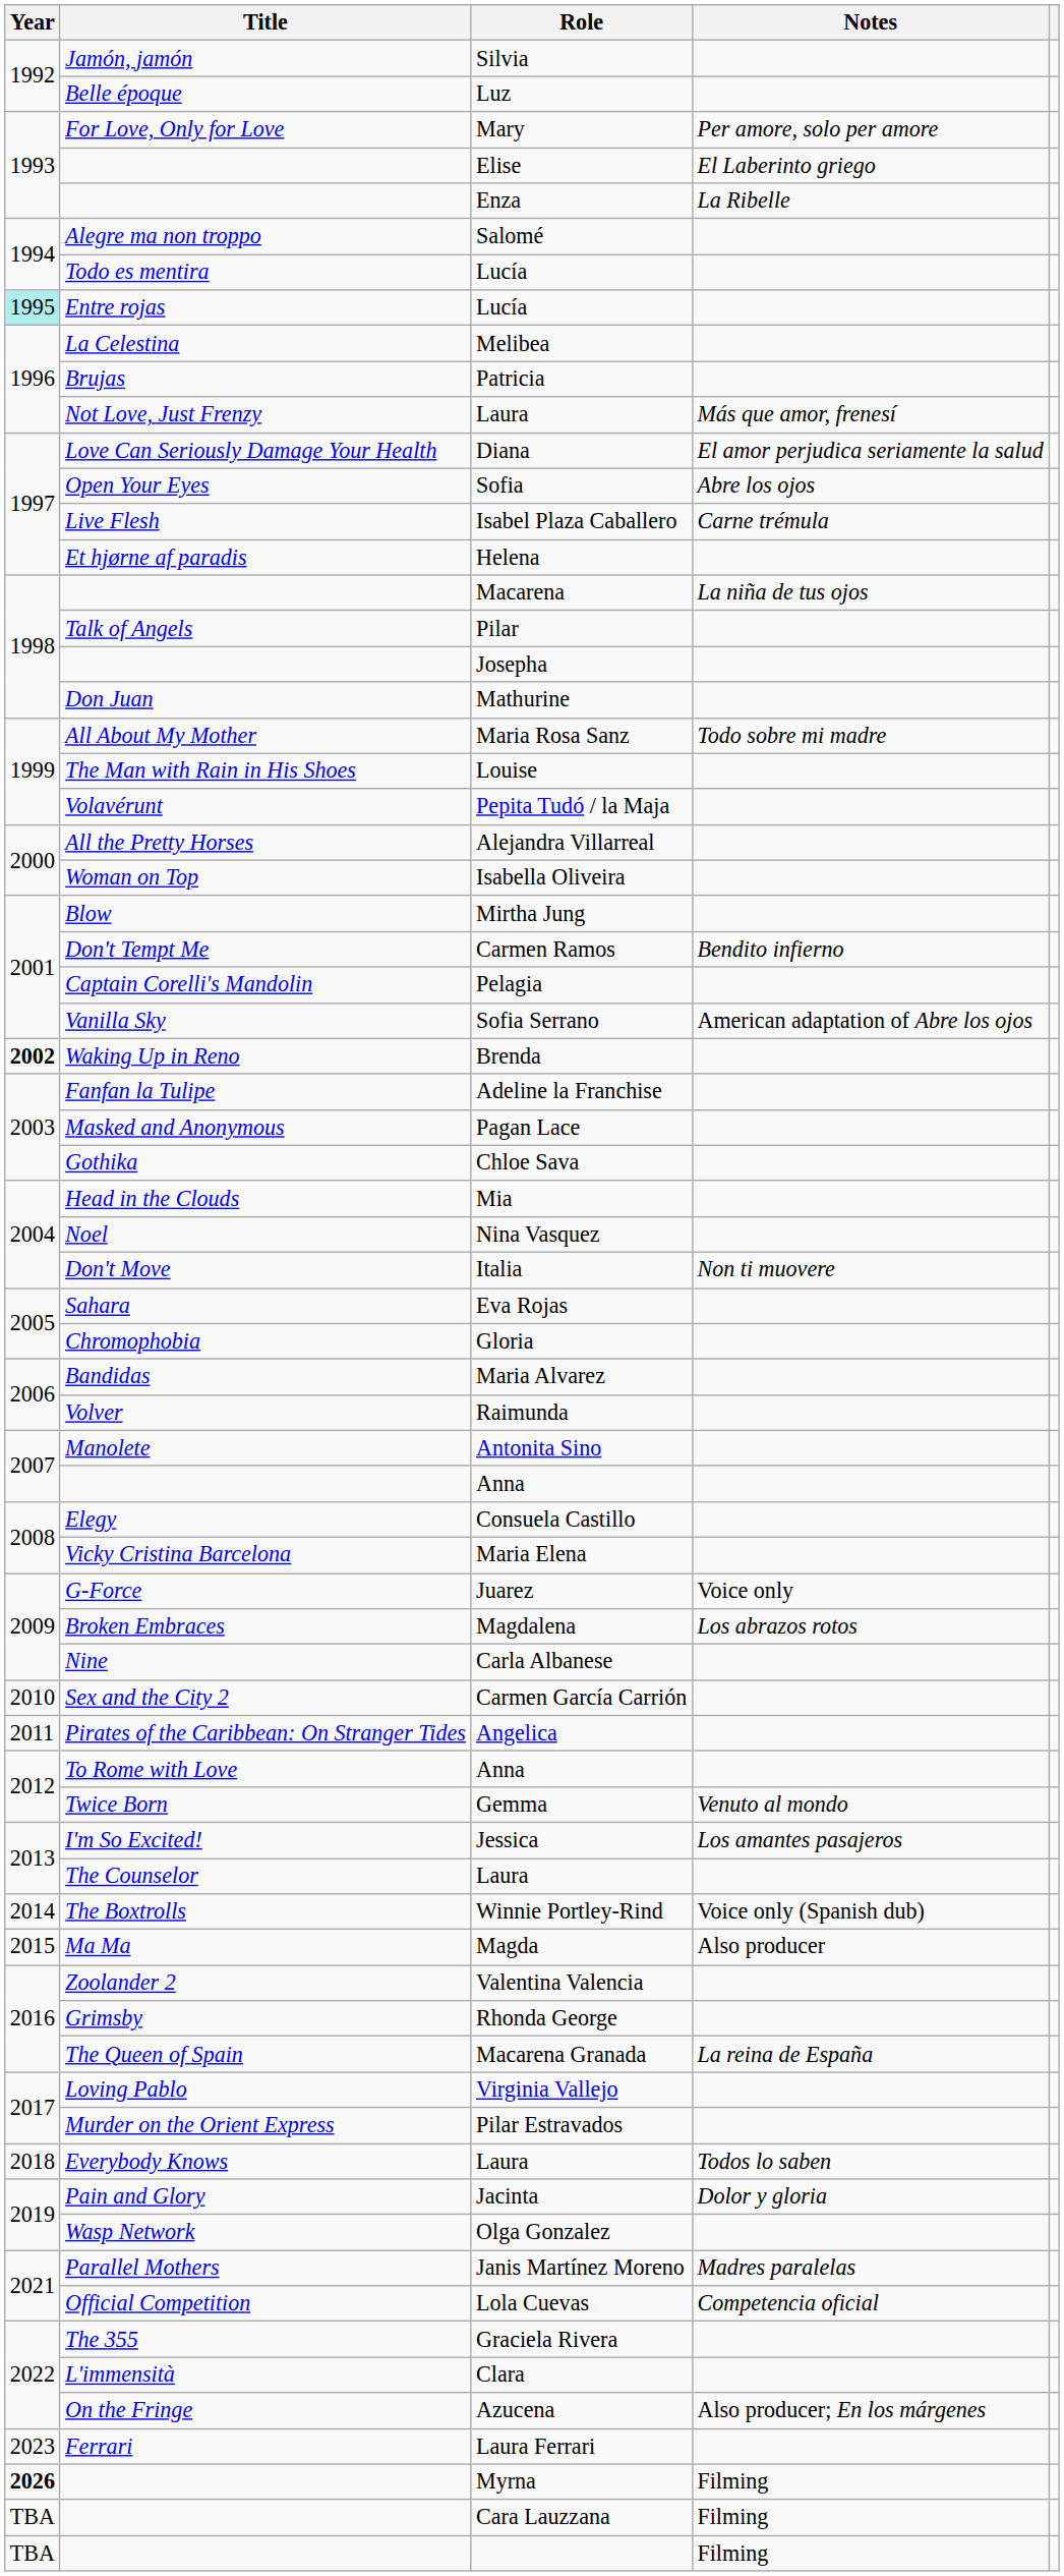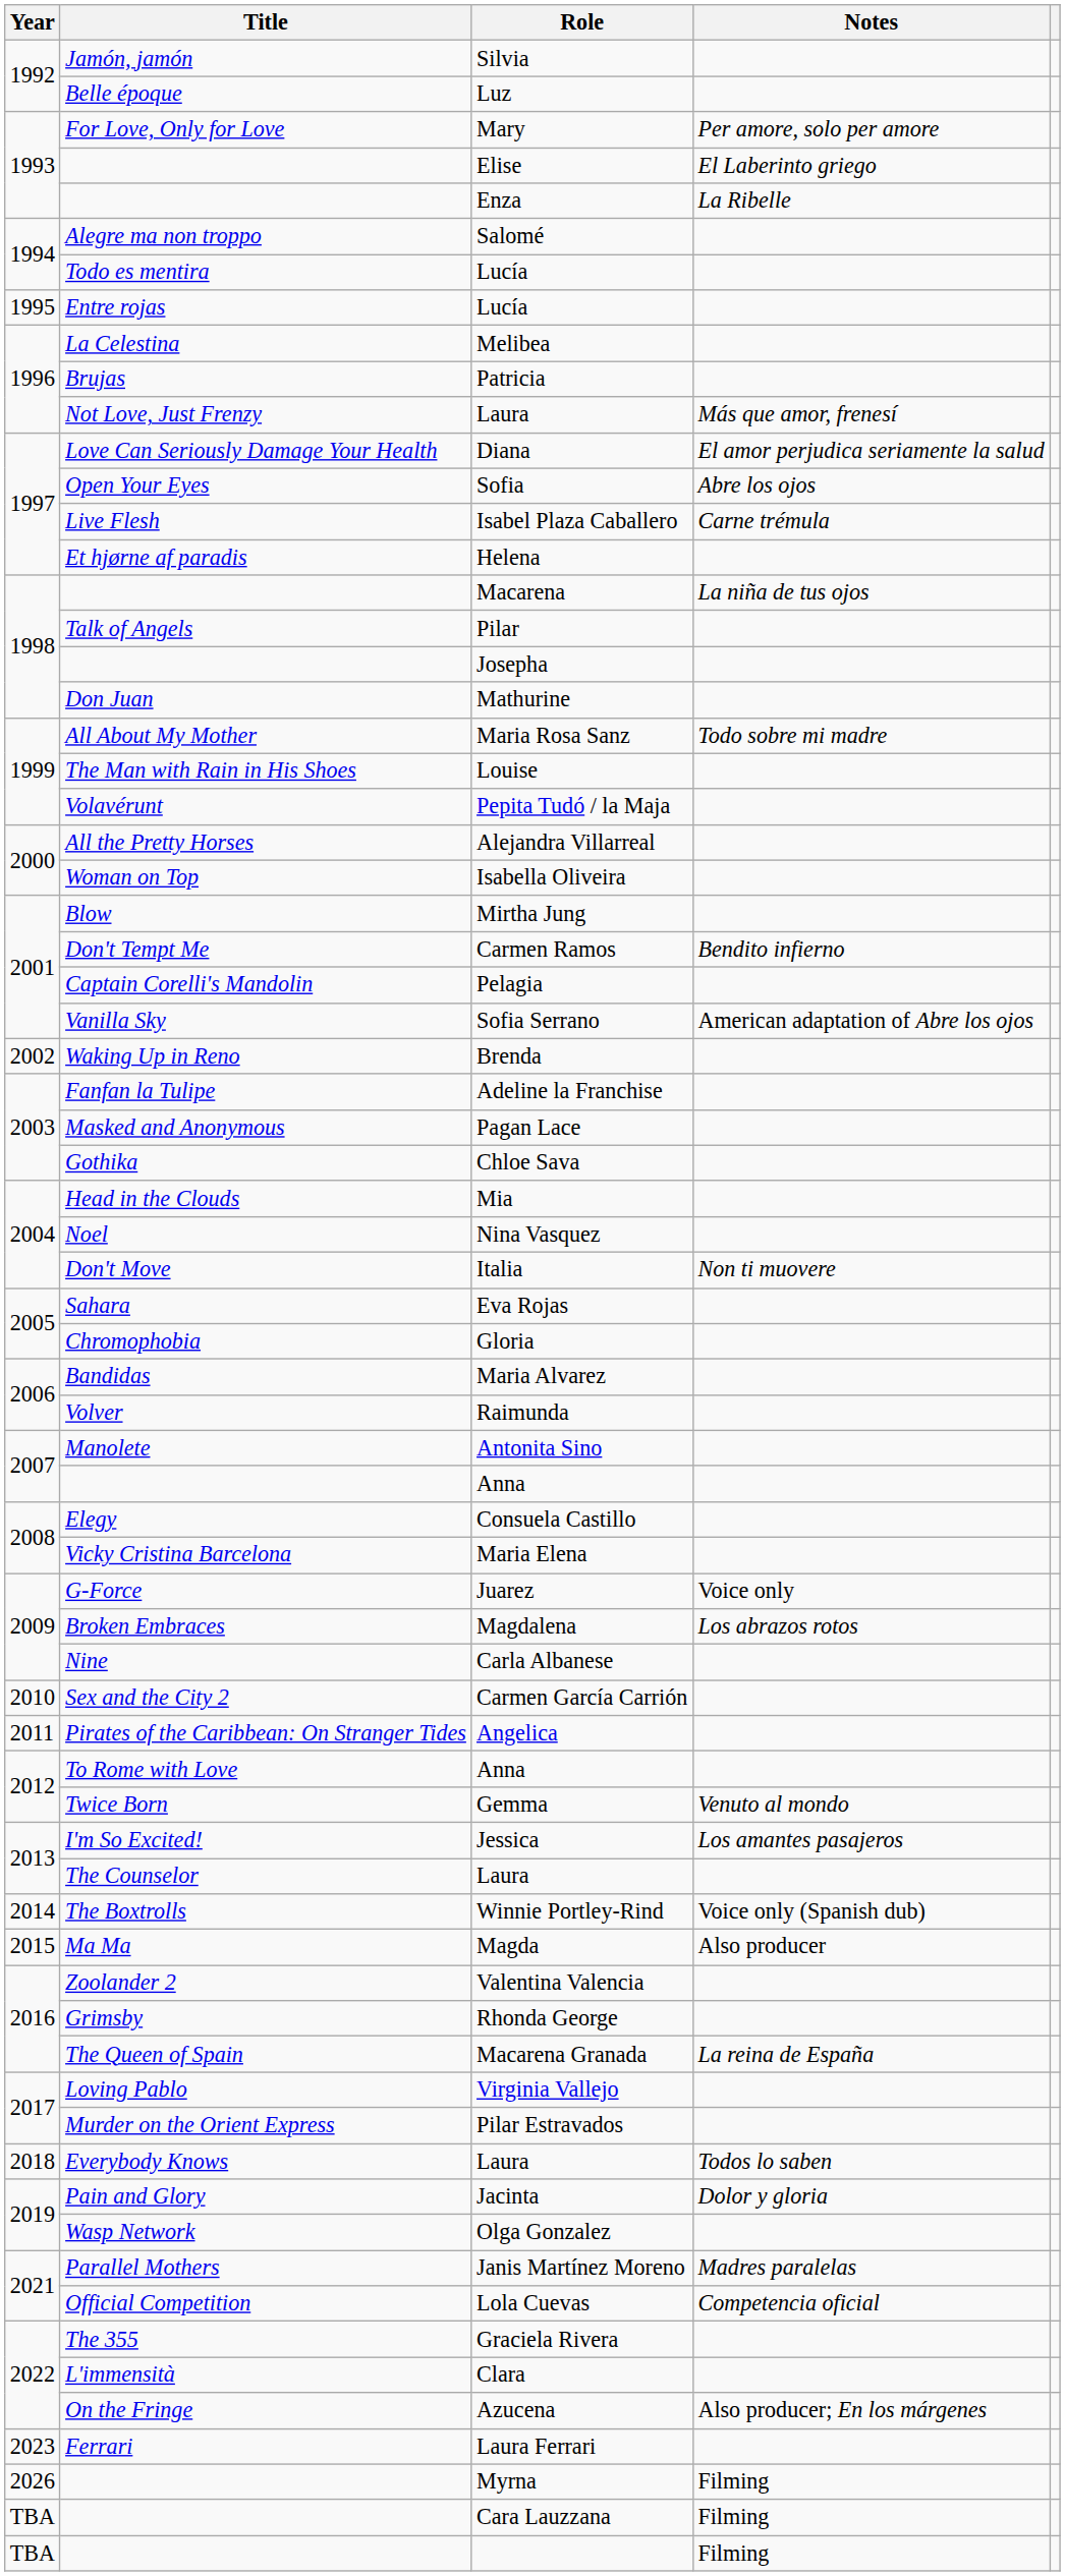 <table class="wikitable sortable">
 <tr>
 <th>Year</th>
 <th>Title</th>
 <th>Role</th>
 <th class="unsortable">Notes</th>
 <th class="unsortable"></th>
 </tr>
 <tr>
 <td rowspan=2>1992</td>
 <td><em><a href='#'>Jamón, jamón</a></em></td>
 <td>Silvia</td>
 <td></td>
 <td align = "center"></td>
 </tr>
 <tr>
 <td><em><a href='#'>Belle époque</a></em></td>
 <td>Luz</td>
 <td></td>
 <td align = "center"></td>
 </tr>
 <tr>
 <td rowspan=3>1993</td>
 <td><em><a href='#'>For Love, Only for Love</a></em></td>
 <td>Mary</td>
 <td><em>Per amore, solo per amore</em></td>
 <td align = "center"></td>
 </tr>
 <tr>
 <td><em></em></td>
 <td>Elise</td>
 <td><em>El Laberinto griego</em></td>
 <td align = "center"></td>
 </tr>
 <tr>
 <td><em></em></td>
 <td>Enza</td>
 <td><em>La Ribelle</em></td>
 <td align = "center"></td>
 </tr>
 <tr>
 <td rowspan=2>1994</td>
 <td><em><a href='#'>Alegre ma non troppo</a></em></td>
 <td>Salomé</td>
 <td></td>
 <td align = "center"></td>
 </tr>
 <tr>
 <td><em><a href='#'>Todo es mentira</a></em></td>
 <td>Lucía</td>
 <td></td>
 <td align = "center"></td>
 </tr>
 <tr>
-<td rowspan="1" style="background: paleturquoise;">1995</td>
+<td rowspan="1">1995</td>
 <td><em><a href='#'>Entre rojas</a></em></td>
 <td>Lucía</td>
 <td></td>
 <td align = "center"></td>
 </tr>
 <tr>
 <td rowspan=3>1996</td>
 <td><em><a href='#'>La Celestina</a></em></td>
 <td>Melibea</td>
 <td></td>
 <td align = "center"></td>
 </tr>
 <tr>
 <td><em><a href='#'>Brujas</a></em></td>
 <td>Patricia</td>
 <td></td>
 <td align = "center"></td>
 </tr>
 <tr>
 <td><em><a href='#'>Not Love, Just Frenzy</a></em></td>
 <td>Laura</td>
 <td><em>Más que amor, frenesí</em></td>
 <td align = "center"></td>
 </tr>
 <tr>
 <td rowspan=4>1997</td>
 <td><em><a href='#'>Love Can Seriously Damage Your Health</a></em></td>
 <td>Diana</td>
 <td><em>El amor perjudica seriamente la salud</em></td>
 <td align = "center"></td>
 </tr>
 <tr>
 <td><em><a href='#'>Open Your Eyes</a></em></td>
 <td>Sofia</td>
 <td><em>Abre los ojos</em></td>
 <td align = "center"></td>
 </tr>
 <tr>
 <td><em><a href='#'>Live Flesh</a></em></td>
 <td>Isabel Plaza Caballero</td>
 <td><em>Carne trémula</em></td>
 <td align = "center"></td>
 </tr>
 <tr>
 <td><em><a href='#'>Et hjørne af paradis</a></em></td>
 <td>Helena</td>
 <td></td>
 <td align = "center"></td>
 </tr>
 <tr>
 <td rowspan=4>1998</td>
 <td><em></em></td>
 <td>Macarena</td>
 <td><em>La niña de tus ojos</em></td>
 <td align = "center"></td>
 </tr>
 <tr>
 <td><em><a href='#'>Talk of Angels</a></em></td>
 <td>Pilar</td>
 <td></td>
 <td align = "center"></td>
 </tr>
 <tr>
 <td><em></em></td>
 <td>Josepha</td>
 <td></td>
 <td align = "center"></td>
 </tr>
 <tr>
 <td><em><a href='#'>Don Juan</a></em></td>
 <td>Mathurine</td>
 <td></td>
 <td align = "center"></td>
 </tr>
 <tr>
 <td rowspan=3>1999</td>
 <td><em><a href='#'>All About My Mother</a></em></td>
 <td>Maria Rosa Sanz</td>
 <td><em>Todo sobre mi madre</em></td>
 <td align = "center"></td>
 </tr>
 <tr>
 <td><em><a href='#'>The Man with Rain in His Shoes</a></em></td>
 <td>Louise</td>
 <td></td>
 <td align = "center"></td>
 </tr>
 <tr>
 <td><em><a href='#'>Volavérunt</a></em></td>
 <td><a href='#'>Pepita Tudó</a> / la Maja</td>
 <td></td>
 <td align = "center"></td>
 </tr>
 <tr>
 <td rowspan=2>2000</td>
 <td><em><a href='#'>All the Pretty Horses</a></em></td>
 <td>Alejandra Villarreal</td>
 <td></td>
 <td align = "center"></td>
 </tr>
 <tr>
 <td><em><a href='#'>Woman on Top</a></em></td>
 <td>Isabella Oliveira</td>
 <td></td>
 <td align = "center"></td>
 </tr>
 <tr>
 <td rowspan=4>2001</td>
 <td><em><a href='#'>Blow</a></em></td>
 <td>Mirtha Jung</td>
 <td></td>
 <td align = "center"></td>
 </tr>
 <tr>
 <td><em><a href='#'>Don't Tempt Me</a></em></td>
 <td>Carmen Ramos</td>
 <td><em>Bendito infierno</em></td>
 <td align = "center"></td>
 </tr>
 <tr>
 <td><em><a href='#'>Captain Corelli's Mandolin</a></em></td>
 <td>Pelagia</td>
 <td></td>
 <td align = "center"></td>
 </tr>
 <tr>
 <td><em><a href='#'>Vanilla Sky</a></em></td>
 <td>Sofia Serrano</td>
 <td>American adaptation of <em>Abre los ojos</em></td>
 <td align = "center"></td>
 </tr>
 <tr>
-<td><strong>2002</strong></td>
+<td>2002</td>
 <td><em><a href='#'>Waking Up in Reno</a></em></td>
 <td>Brenda</td>
 <td></td>
 <td align = "center"></td>
 </tr>
 <tr>
 <td rowspan=3>2003</td>
 <td><em><a href='#'>Fanfan la Tulipe</a></em></td>
 <td>Adeline la Franchise</td>
 <td></td>
 <td align = "center"></td>
 </tr>
 <tr>
 <td><em><a href='#'>Masked and Anonymous</a></em></td>
 <td>Pagan Lace</td>
 <td></td>
 <td align = "center"></td>
 </tr>
 <tr>
 <td><em><a href='#'>Gothika</a></em></td>
 <td>Chloe Sava</td>
 <td></td>
 <td align = "center"></td>
 </tr>
 <tr>
 <td rowspan=3>2004</td>
 <td><em><a href='#'>Head in the Clouds</a></em></td>
 <td>Mia</td>
 <td></td>
 <td align = "center"></td>
 </tr>
 <tr>
 <td><em><a href='#'>Noel</a></em></td>
 <td>Nina Vasquez</td>
 <td></td>
 <td align = "center"></td>
 </tr>
 <tr>
 <td><em><a href='#'>Don't Move</a></em></td>
 <td>Italia</td>
 <td><em>Non ti muovere</em></td>
 <td align = "center"></td>
 </tr>
 <tr>
 <td rowspan=2>2005</td>
 <td><em><a href='#'>Sahara</a></em></td>
 <td>Eva Rojas</td>
 <td></td>
 <td align = "center"></td>
 </tr>
 <tr>
 <td><em><a href='#'>Chromophobia</a></em></td>
 <td>Gloria</td>
 <td></td>
 <td align = "center"></td>
 </tr>
 <tr>
 <td rowspan=2>2006</td>
 <td><em><a href='#'>Bandidas</a></em></td>
 <td>Maria Alvarez</td>
 <td></td>
 <td align = "center"></td>
 </tr>
 <tr>
 <td><em><a href='#'>Volver</a></em></td>
 <td>Raimunda</td>
 <td></td>
 <td align = "center"></td>
 </tr>
 <tr>
 <td rowspan=2>2007</td>
 <td><em><a href='#'>Manolete</a></em></td>
 <td><a href='#'>Antonita Sino</a></td>
 <td></td>
 <td align = "center"></td>
 </tr>
 <tr>
 <td><em></em></td>
 <td>Anna</td>
 <td></td>
 <td align = "center"></td>
 </tr>
 <tr>
 <td rowspan=2>2008</td>
 <td><em><a href='#'>Elegy</a></em></td>
 <td>Consuela Castillo</td>
 <td></td>
 <td align = "center"></td>
 </tr>
 <tr>
 <td><em><a href='#'>Vicky Cristina Barcelona</a></em></td>
 <td>Maria Elena</td>
 <td></td>
 <td align = "center"></td>
 </tr>
 <tr>
 <td rowspan=3>2009</td>
 <td><em><a href='#'>G-Force</a></em></td>
 <td>Juarez</td>
 <td>Voice only</td>
 <td align = "center"></td>
 </tr>
 <tr>
 <td><em><a href='#'>Broken Embraces</a></em></td>
 <td>Magdalena</td>
 <td><em>Los abrazos rotos</em></td>
 <td align = "center"></td>
 </tr>
 <tr>
 <td><em><a href='#'>Nine</a></em></td>
 <td>Carla Albanese</td>
 <td></td>
 <td align = "center"></td>
 </tr>
 <tr>
 <td>2010</td>
 <td><em><a href='#'>Sex and the City 2</a></em></td>
 <td>Carmen García Carrión</td>
 <td></td>
 <td align = "center"></td>
 </tr>
 <tr>
 <td>2011</td>
 <td><em><a href='#'>Pirates of the Caribbean: On Stranger Tides</a></em></td>
 <td><a href='#'>Angelica</a></td>
 <td></td>
 <td align = "center"></td>
 </tr>
 <tr>
 <td rowspan=2>2012</td>
 <td><em><a href='#'>To Rome with Love</a></em></td>
 <td>Anna</td>
 <td></td>
 <td align = "center"></td>
 </tr>
 <tr>
 <td><em><a href='#'>Twice Born</a></em></td>
 <td>Gemma</td>
 <td><em>Venuto al mondo</em></td>
 <td align = "center"></td>
 </tr>
 <tr>
 <td rowspan=2>2013</td>
 <td><em><a href='#'>I'm So Excited!</a></em></td>
 <td>Jessica</td>
 <td><em>Los amantes pasajeros</em></td>
 <td align = "center"></td>
 </tr>
 <tr>
 <td><em><a href='#'>The Counselor</a></em></td>
 <td>Laura</td>
 <td></td>
 <td align = "center"></td>
 </tr>
 <tr>
 <td>2014</td>
 <td><em><a href='#'>The Boxtrolls</a></em></td>
 <td>Winnie Portley-Rind</td>
 <td>Voice only (Spanish dub)</td>
 <td align = "center"></td>
 </tr>
 <tr>
 <td>2015</td>
 <td><em><a href='#'>Ma Ma</a></em></td>
 <td>Magda</td>
 <td>Also producer</td>
 <td align = "center"></td>
 </tr>
 <tr>
 <td rowspan=3>2016</td>
 <td><em><a href='#'>Zoolander 2</a></em></td>
 <td>Valentina Valencia</td>
 <td></td>
 <td align = "center"></td>
 </tr>
 <tr>
 <td><em><a href='#'>Grimsby</a></em></td>
 <td>Rhonda George</td>
 <td></td>
 <td align = "center"></td>
 </tr>
 <tr>
 <td><em><a href='#'>The Queen of Spain</a></em></td>
 <td>Macarena Granada</td>
 <td><em>La reina de España</em></td>
 <td align = "center"></td>
 </tr>
 <tr>
 <td rowspan=2>2017</td>
 <td><em><a href='#'>Loving Pablo</a></em></td>
 <td><a href='#'>Virginia Vallejo</a></td>
 <td></td>
 <td align = "center"></td>
 </tr>
 <tr>
 <td><em><a href='#'>Murder on the Orient Express</a></em></td>
 <td>Pilar Estravados</td>
 <td></td>
 <td align = "center"></td>
 </tr>
 <tr>
 <td>2018</td>
 <td><em><a href='#'>Everybody Knows</a></em></td>
 <td>Laura</td>
 <td><em>Todos lo saben</em></td>
 <td align = "center"></td>
 </tr>
 <tr>
 <td rowspan=2>2019</td>
 <td><em><a href='#'>Pain and Glory</a></em></td>
 <td>Jacinta</td>
 <td><em>Dolor y gloria</em></td>
 <td align = "center"></td>
 </tr>
 <tr>
 <td><em><a href='#'>Wasp Network</a></em></td>
 <td>Olga Gonzalez</td>
 <td></td>
 <td align = "center"></td>
 </tr>
 <tr>
 <td rowspan=2>2021</td>
 <td><em><a href='#'>Parallel Mothers</a></em></td>
 <td>Janis Martínez Moreno</td>
 <td><em>Madres paralelas</em></td>
 <td align = "center"></td>
 </tr>
 <tr>
 <td><em><a href='#'>Official Competition</a></em></td>
 <td>Lola Cuevas</td>
 <td><em>Competencia oficial</em></td>
 <td align = "center"></td>
 </tr>
 <tr>
 <td rowspan = "3">2022</td>
 <td><em><a href='#'>The 355</a></em></td>
 <td>Graciela Rivera</td>
 <td></td>
 <td align = "center"></td>
 </tr>
 <tr>
 <td><em><a href='#'>L'immensità</a></em></td>
 <td>Clara</td>
 <td></td>
 <td align = "center"></td>
 </tr>
 <tr>
 <td><em><a href='#'>On the Fringe</a></em></td>
 <td>Azucena</td>
 <td>Also producer; <em>En los márgenes</em></td>
 <td align = "center"></td>
 </tr>
 <tr>
 <td>2023</td>
 <td><em><a href='#'>Ferrari</a></em></td>
 <td>Laura Ferrari</td>
 <td></td>
 <td align = "center"></td>
 </tr>
 <tr>
-<td><strong>2026</strong></td>
+<td>2026</td>
 <td></td>
 <td>Myrna</td>
 <td>Filming</td>
 <td align = "center"></td>
 </tr>
 <tr>
 <td>TBA</td>
 <td></td>
 <td>Cara Lauzzana</td>
 <td>Filming</td>
 <td align = "center"></td>
 </tr>
 <tr>
 <td>TBA</td>
 <td></td>
 <td></td>
 <td>Filming</td>
 <td align = "center"></td>
 </tr>
 </table>
